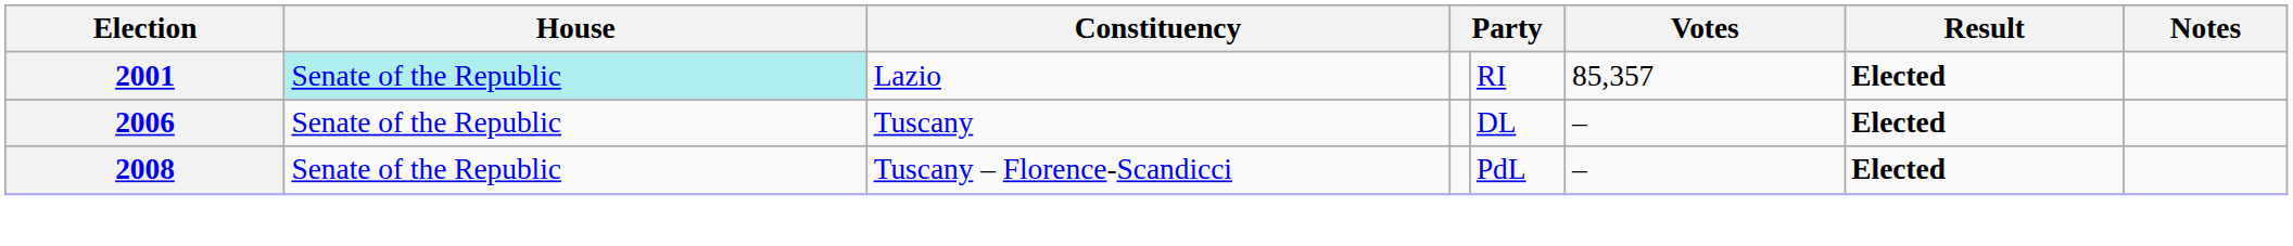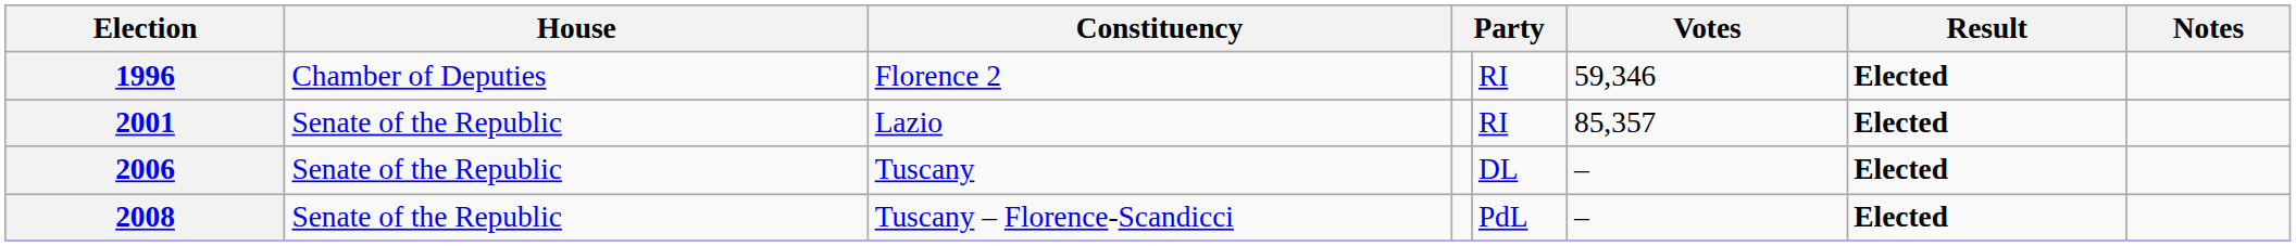 <table class=wikitable style="width:62%; border:1px #AAAAFF solid">
 <tr>
 <th width=12%>Election</th>
 <th width=25%>House</th>
 <th width=25%>Constituency</th>
 <th width=5% colspan="2">Party</th>
 <th width=12%>Votes</th>
 <th width=12%>Result</th>
 <th width=7%>Notes</th>
 </tr>
 <tr>
+<th><a href='#'>1996</a></th>
+<td><a href='#'>Chamber of Deputies</a></td>
+<td><a href='#'>Florence 2</a></td>
+<td></td>
+<td><a href='#'>RI</a></td>
+<td>59,346</td>
+<td> <strong>Elected</strong></td>
+<td></td>
+</tr>
+<tr>
 <th><a href='#'>2001</a></th>
-<td style="background: paleturquoise;"><a href='#'>Senate of the Republic</a></td>
+<td><a href='#'>Senate of the Republic</a></td>
 <td><a href='#'>Lazio</a></td>
 <td></td>
 <td><a href='#'>RI</a></td>
 <td>85,357</td>
 <td> <strong>Elected</strong></td>
 <td></td>
 </tr>
 <tr>
 <th><a href='#'>2006</a></th>
 <td><a href='#'>Senate of the Republic</a></td>
 <td><a href='#'>Tuscany</a></td>
 <td></td>
 <td><a href='#'>DL</a></td>
 <td>–</td>
 <td> <strong>Elected</strong></td>
 <td></td>
 </tr>
 <tr>
 <th><a href='#'>2008</a></th>
 <td><a href='#'>Senate of the Republic</a></td>
 <td><a href='#'>Tuscany</a> – <a href='#'>Florence</a>-<a href='#'>Scandicci</a></td>
 <td></td>
 <td><a href='#'>PdL</a></td>
 <td>–</td>
 <td> <strong>Elected</strong></td>
 <td></td>
 </tr>
 <tr>
 </tr>
 </table>
